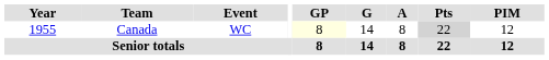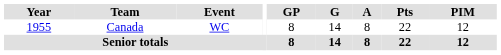 <table border="0" cellpadding="1" cellspacing="0" ID="Table3" style="text-align:center; width:40em">
 <tr bgcolor="#e0e0e0">
 <th>Year</th>
 <th>Team</th>
 <th>Event</th>
 <th rowspan="102" bgcolor="#ffffff"></th>
 <th>GP</th>
 <th>G</th>
 <th>A</th>
 <th>Pts</th>
 <th>PIM</th>
 </tr>
 <tr>
 <td><a href='#'>1955</a></td>
 <td><a href='#'>Canada</a></td>
 <td><a href='#'>WC</a></td>
-<td style="background: lightyellow;">8</td>
+<td>8</td>
 <td>14</td>
 <td>8</td>
-<td style="background: lightgrey;">22</td>
+<td>22</td>
 <td>12</td>
 </tr>
 <tr bgcolor="#e0e0e0">
 <th colspan="4">Senior totals</th>
 <th>8</th>
 <th>14</th>
 <th>8</th>
 <th>22</th>
 <th>12</th>
 </tr>
 </table>
